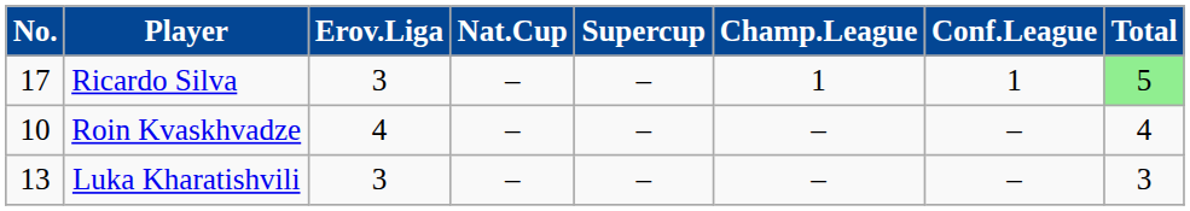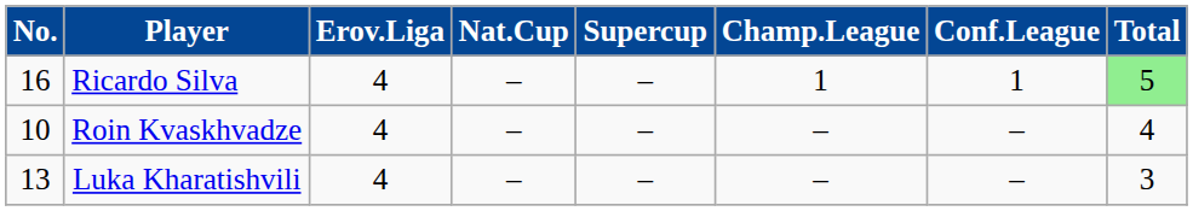 <table class="wikitable" style="font-size: 95%; text-align: center;">
 <tr>
 <th style="background:#034694; color:white; width=30">No.</th>
 <th style="background:#034694; color:white; width=30">Player</th>
 <th style="background:#034694; color:white; width=150">Erov.Liga</th>
 <th style="background:#034694; color:white; width=150">Nat.Cup</th>
 <th style="background:#034694; color:white; width=150">Supercup</th>
 <th style="background:#034694; color:white; width=150">Champ.League</th>
 <th style="background:#034694; color:white; width=150">Conf.League</th>
 <th style="background:#034694; color:white; width=80">Total</th>
 </tr>
 <tr>
-<td>17</td>
+<td>16</td>
 <td align=left> <a href='#'>Ricardo Silva</a></td>
-<td>3</td>
+<td>4</td>
 <td>–</td>
 <td>–</td>
 <td>1</td>
 <td>1</td>
 <td style="background: lightgreen;">5</td>
 </tr>
 <tr>
 <td>10</td>
 <td> <a href='#'>Roin Kvaskhvadze</a></td>
 <td>4</td>
 <td>–</td>
 <td>–</td>
 <td>–</td>
 <td>–</td>
 <td>4</td>
 </tr>
 <tr>
 <td>13</td>
 <td> <a href='#'>Luka Kharatishvili</a></td>
-<td>3</td>
+<td>4</td>
 <td>–</td>
 <td>–</td>
 <td>–</td>
 <td>–</td>
 <td>3</td>
 </tr>
 </table>
